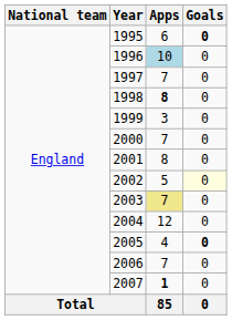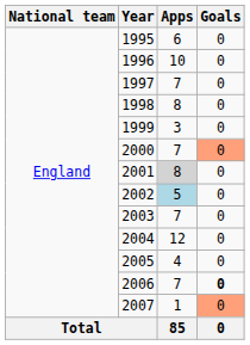 <table class="wikitable" style="text-align:center">
 <tr>
 <th>National team</th>
 <th>Year</th>
 <th>Apps</th>
 <th>Goals</th>
 </tr>
 <tr>
 <td rowspan="13"><a href='#'>England</a></td>
 <td>1995</td>
 <td>6</td>
-<td><strong>0</strong></td>
+<td>0</td>
 </tr>
 <tr>
 <td>1996</td>
-<td style="background: lightblue;">10</td>
+<td>10</td>
 <td>0</td>
 </tr>
 <tr>
 <td>1997</td>
 <td>7</td>
 <td>0</td>
 </tr>
 <tr>
 <td>1998</td>
-<td><strong>8</strong></td>
+<td>8</td>
 <td>0</td>
 </tr>
 <tr>
 <td>1999</td>
 <td>3</td>
 <td>0</td>
 </tr>
 <tr>
 <td>2000</td>
 <td>7</td>
-<td>0</td>
+<td style="background: lightsalmon;">0</td>
 </tr>
 <tr>
 <td>2001</td>
-<td>8</td>
+<td style="background: lightgrey;">8</td>
 <td>0</td>
 </tr>
 <tr>
 <td>2002</td>
-<td>5</td>
-<td style="background: lightyellow;">0</td>
+<td style="background: lightblue;">5</td>
+<td>0</td>
 </tr>
 <tr>
 <td>2003</td>
-<td style="background: khaki;">7</td>
+<td>7</td>
 <td>0</td>
 </tr>
 <tr>
 <td>2004</td>
 <td>12</td>
 <td>0</td>
 </tr>
 <tr>
 <td>2005</td>
 <td>4</td>
-<td><strong>0</strong></td>
+<td>0</td>
 </tr>
 <tr>
 <td>2006</td>
 <td>7</td>
-<td>0</td>
+<td><strong>0</strong></td>
 </tr>
 <tr>
 <td>2007</td>
-<td><strong>1</strong></td>
-<td>0</td>
+<td>1</td>
+<td style="background: lightsalmon;">0</td>
 </tr>
 <tr>
 <th colspan="2">Total</th>
 <th>85</th>
 <th>0</th>
 </tr>
 </table>
